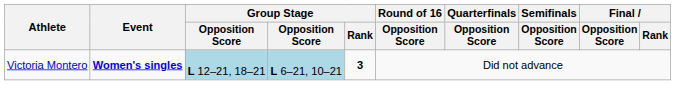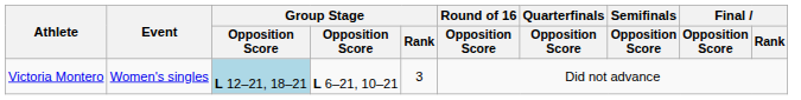 <table class=wikitable style="font-size:90%">
 <tr>
 <th rowspan="2">Athlete</th>
 <th rowspan="2">Event</th>
 <th colspan="3">Group Stage</th>
 <th>Round of 16</th>
 <th>Quarterfinals</th>
 <th>Semifinals</th>
 <th colspan="2">Final / </th>
 </tr>
 <tr style="font-size:95%">
 <th>Opposition<br>Score</th>
 <th>Opposition<br>Score</th>
 <th>Rank</th>
 <th>Opposition<br>Score</th>
 <th>Opposition<br>Score</th>
 <th>Opposition<br>Score</th>
 <th>Opposition<br>Score</th>
 <th>Rank</th>
 </tr>
 <tr align=center>
 <td align=left><a href='#'>Victoria Montero</a></td>
-<td align=left><strong><a href='#'>Women's singles</a></strong></td>
+<td align=left><a href='#'>Women's singles</a></td>
 <td style="background: lightblue;"> <br><strong>L</strong> 12–21, 18–21</td>
-<td style="background: lightblue;"> <br><strong>L</strong> 6–21, 10–21</td>
-<td><strong>3</strong></td>
+<td> <br><strong>L</strong> 6–21, 10–21</td>
+<td>3</td>
 <td colspan=5>Did not advance</td>
 </tr>
 </table>
